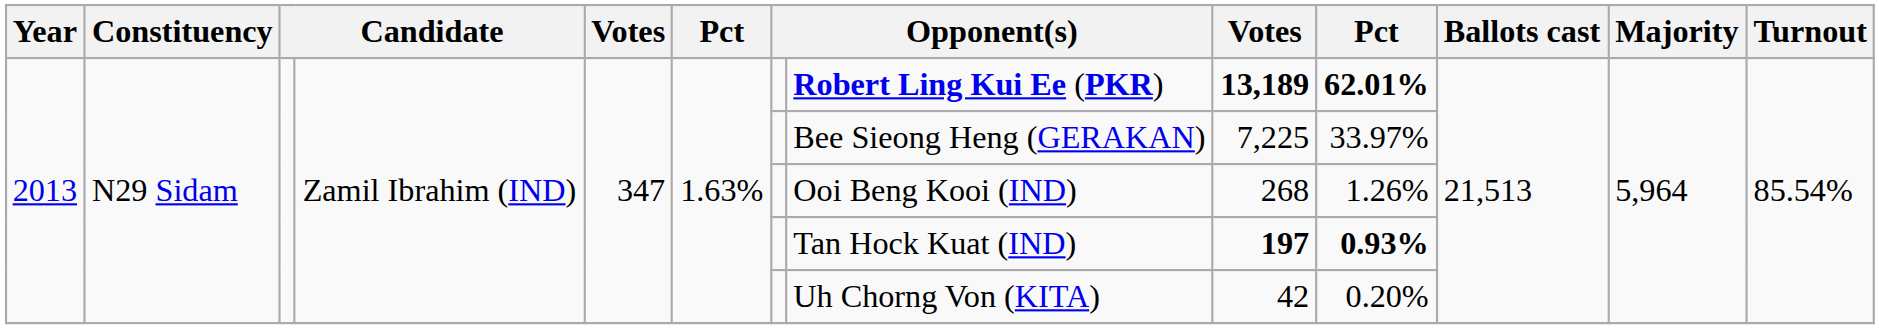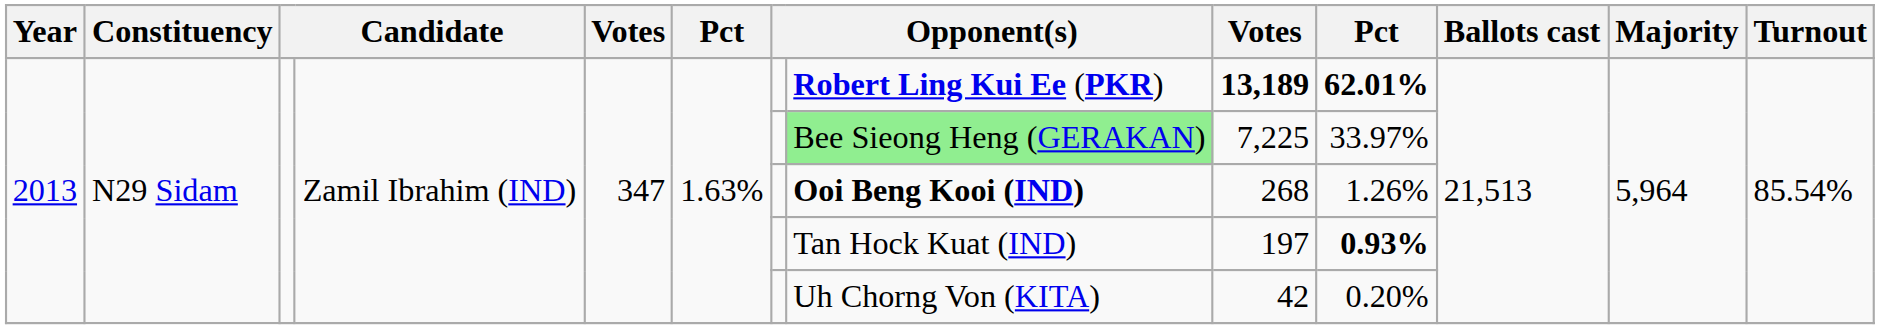 <table class="wikitable" style="margin:0.5em ; font-size:95%">
 <tr>
 <th>Year</th>
 <th>Constituency</th>
 <th colspan=2>Candidate</th>
 <th>Votes</th>
 <th>Pct</th>
 <th colspan=2>Opponent(s)</th>
 <th>Votes</th>
 <th>Pct</th>
 <th>Ballots cast</th>
 <th>Majority</th>
 <th>Turnout</th>
 </tr>
 <tr>
 <td rowspan=5><a href='#'>2013</a></td>
 <td rowspan=8>N29 <a href='#'>Sidam</a></td>
 <td rowspan=5 ></td>
 <td rowspan=5>Zamil Ibrahim (<a href='#'>IND</a>)</td>
 <td rowspan=5 align="right">347</td>
 <td rowspan=5>1.63%</td>
 <td></td>
 <td><strong><a href='#'>Robert Ling Kui Ee</a></strong> (<a href='#'><strong>PKR</strong></a>)</td>
 <td align="right"><strong>13,189</strong></td>
 <td><strong>62.01%</strong></td>
 <td rowspan=5>21,513</td>
 <td rowspan=5>5,964</td>
 <td rowspan=5>85.54%</td>
 </tr>
 <tr>
 <td></td>
-<td>Bee Sieong Heng (<a href='#'>GERAKAN</a>)</td>
+<td style="background: lightgreen;">Bee Sieong Heng (<a href='#'>GERAKAN</a>)</td>
 <td align="right">7,225</td>
 <td align="right">33.97%</td>
 </tr>
 <tr>
 <td></td>
-<td>Ooi Beng Kooi  (<a href='#'>IND</a>)</td>
+<td><strong>Ooi Beng Kooi  (<a href='#'>IND</a>)</strong></td>
 <td align="right">268</td>
 <td align="right">1.26%</td>
 </tr>
 <tr>
 <td></td>
 <td>Tan Hock Kuat (<a href='#'>IND</a>)</td>
-<td align="right"><strong>197</strong></td>
+<td align="right">197</td>
 <td align="right"><strong>0.93%</strong></td>
 </tr>
 <tr>
 <td></td>
 <td>Uh Chorng Von (<a href='#'>KITA</a>)</td>
 <td align="right">42</td>
 <td align="right">0.20%</td>
 </tr>
 <tr>
 </tr>
 </table>
